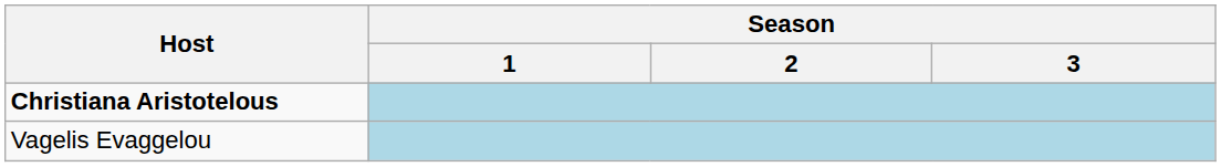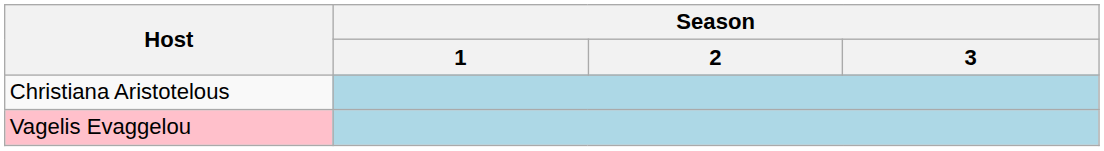 <table class="wikitable" width="40%">
 <tr>
 <th rowspan="2" width="30%">Host</th>
 <th colspan=4 text-align:center;>Season</th>
 </tr>
 <tr>
 <th>1</th>
 <th>2</th>
 <th>3</th>
 </tr>
 <tr>
-<td><strong>Christiana Aristotelous</strong></td>
+<td>Christiana Aristotelous</td>
 <td colspan="3" style="text-align:center; background:lightblue;"></td>
 </tr>
 <tr>
-<td>Vagelis Evaggelou</td>
+<td style="background: pink;">Vagelis Evaggelou</td>
 <td colspan="3" style="text-align:center; background:lightblue;"></td>
 </tr>
 </table>
